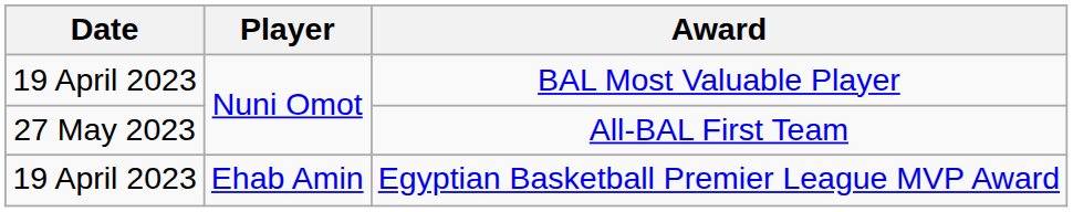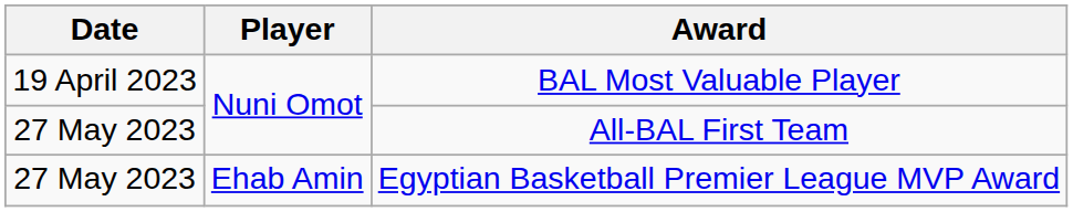 <table class="wikitable" style="text-align: center">
 <tr>
 <th>Date</th>
 <th>Player</th>
 <th>Award</th>
 </tr>
 <tr style="text-align: center">
 <td>19 April 2023</td>
 <td rowspan="2"><a href='#'>Nuni Omot</a></td>
 <td><a href='#'>BAL Most Valuable Player</a></td>
 </tr>
 <tr>
 <td>27 May 2023</td>
 <td><a href='#'>All-BAL First Team</a></td>
 </tr>
 <tr>
-<td>19 April 2023</td>
+<td>27 May 2023</td>
 <td><a href='#'>Ehab Amin</a></td>
 <td><a href='#'>Egyptian Basketball Premier League MVP Award</a></td>
 </tr>
 </table>
